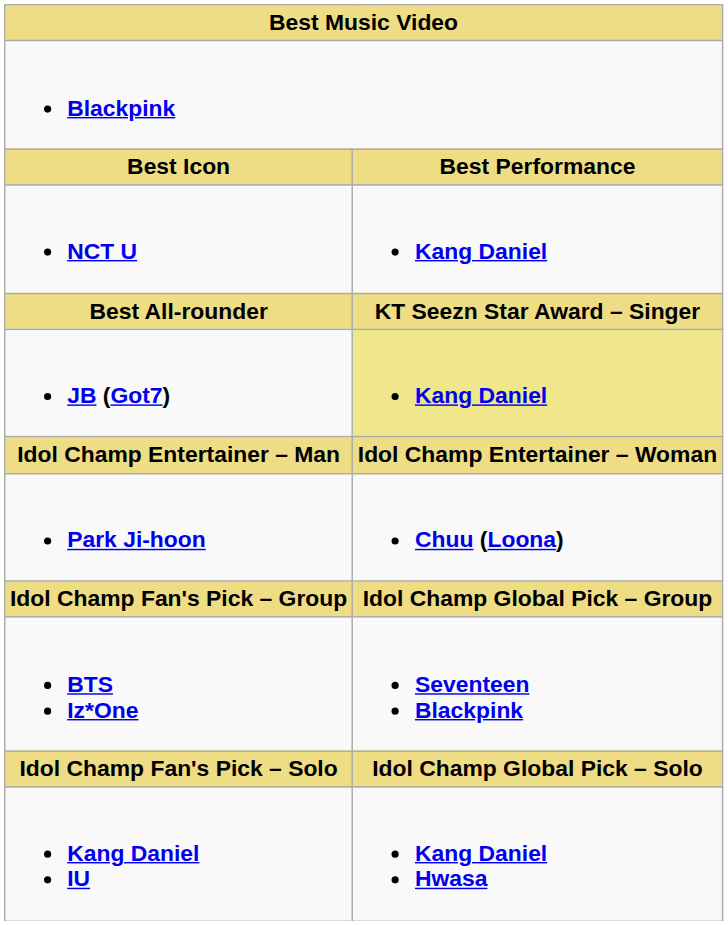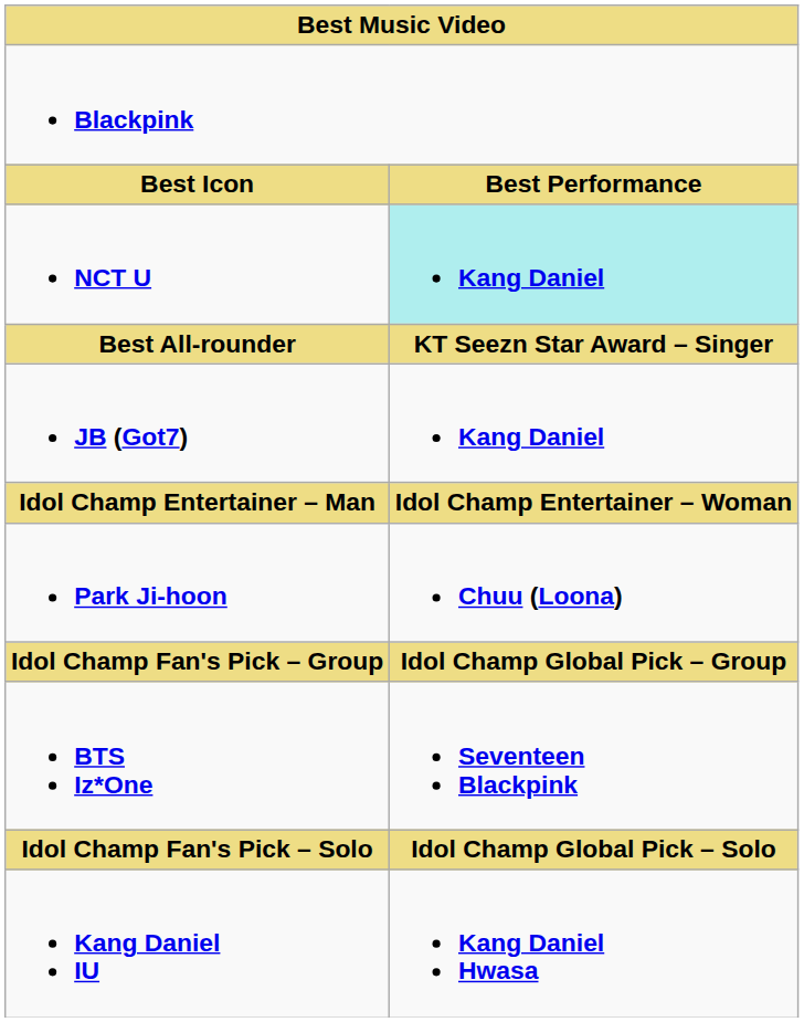 <table class=wikitable>
 <tr>
 <th colspan="2" style="background:#EEDD85; width=50%">Best Music Video</th>
 </tr>
 <tr>
 <td colspan="2" valign="top"><br><ul><li><strong><a href='#'>Blackpink</a></strong></li></ul></td>
 </tr>
 <tr>
 <th style="background:#EEDD85; width=50%">Best Icon</th>
 <th style="background:#EEDD85; width=50%">Best Performance</th>
 </tr>
 <tr>
 <td valign="top"><br><ul><li><strong><a href='#'>NCT U</a></strong></li></ul></td>
-<td valign="top"><br><ul><li><strong><a href='#'>Kang Daniel</a></strong></li></ul></td>
+<td valign="top" style="background: paleturquoise;"><br><ul><li><strong><a href='#'>Kang Daniel</a></strong></li></ul></td>
 </tr>
 <tr>
 <th style="background:#EEDD85; width=50%">Best All-rounder</th>
 <th style="background:#EEDD85; width=50%">KT Seezn Star Award – Singer</th>
 </tr>
 <tr>
 <td valign="top"><br><ul><li><strong><a href='#'>JB</a> (<a href='#'>Got7</a>)</strong></li></ul></td>
-<td valign="top" style="background: khaki;"><br><ul><li><strong><a href='#'>Kang Daniel</a></strong></li></ul></td>
+<td valign="top"><br><ul><li><strong><a href='#'>Kang Daniel</a></strong></li></ul></td>
 </tr>
 <tr>
 <th style="background:#EEDD85; width=50%">Idol Champ Entertainer – Man</th>
 <th style="background:#EEDD85; width=50%">Idol Champ Entertainer – Woman</th>
 </tr>
 <tr>
 <td valign="top"><br><ul><li><strong><a href='#'>Park Ji-hoon</a></strong></li></ul></td>
 <td valign="top"><br><ul><li><strong><a href='#'>Chuu</a> (<a href='#'>Loona</a>)</strong></li></ul></td>
 </tr>
 <tr>
 <th style="background:#EEDD85; width=50%">Idol Champ Fan's Pick – Group</th>
 <th style="background:#EEDD85; width=50%">Idol Champ Global Pick – Group</th>
 </tr>
 <tr>
 <td valign="top"><br><ul><li><strong><a href='#'>BTS</a></strong></li><li><strong><a href='#'>Iz*One</a></strong></li></ul></td>
 <td valign="top"><br><ul><li><strong><a href='#'>Seventeen</a></strong></li><li><strong><a href='#'>Blackpink</a></strong></li></ul></td>
 </tr>
 <tr>
 <th style="background:#EEDD85; width=50%">Idol Champ Fan's Pick – Solo</th>
 <th style="background:#EEDD85; width=50%">Idol Champ Global Pick – Solo</th>
 </tr>
 <tr>
 <td valign="top"><br><ul><li><strong><a href='#'>Kang Daniel</a></strong></li><li><strong><a href='#'>IU</a></strong></li></ul></td>
 <td valign="top"><br><ul><li><strong><a href='#'>Kang Daniel</a></strong></li><li><strong><a href='#'>Hwasa</a></strong></li></ul></td>
 </tr>
 </table>
